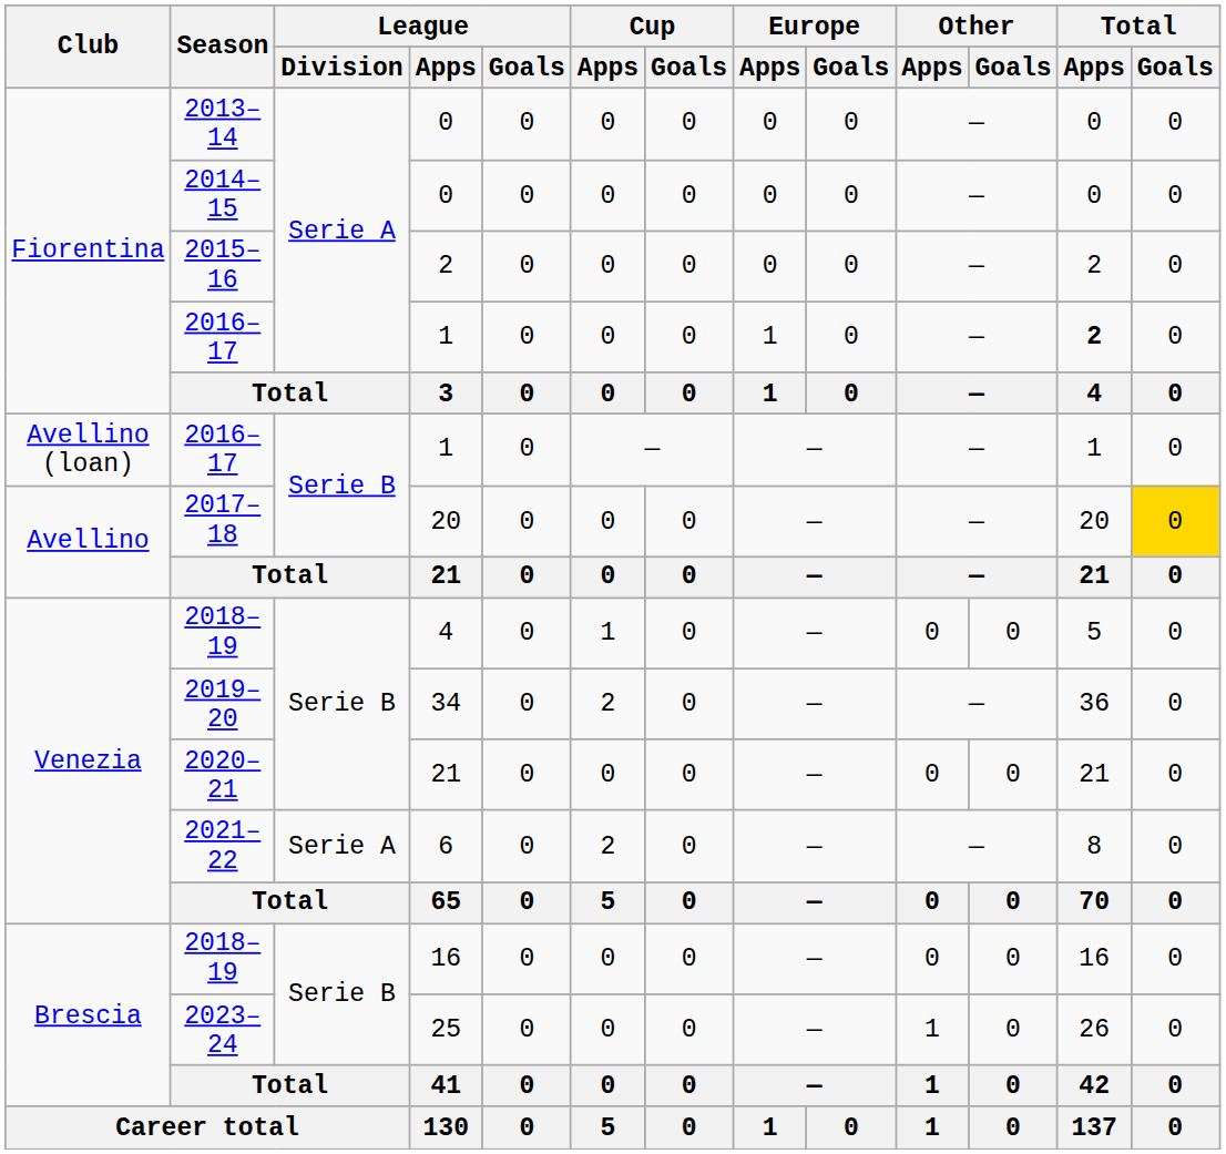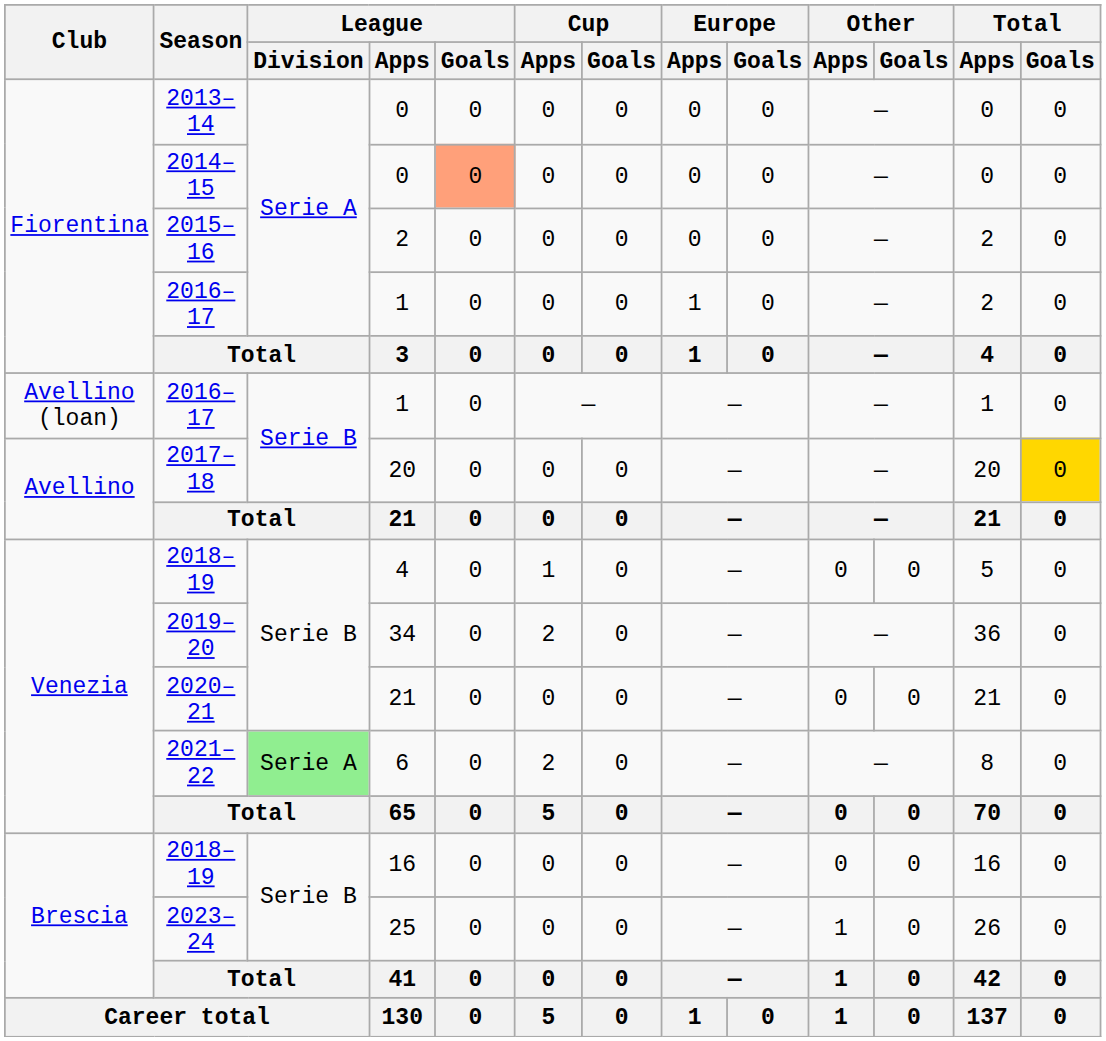 <table class="wikitable" style="text-align:center">
 <tr>
 <th rowspan="2">Club</th>
 <th rowspan="2">Season</th>
 <th colspan="3">League</th>
 <th colspan="2">Cup</th>
 <th colspan="2">Europe</th>
 <th colspan="2">Other</th>
 <th colspan="2">Total</th>
 </tr>
 <tr>
 <th>Division</th>
 <th>Apps</th>
 <th>Goals</th>
 <th>Apps</th>
 <th>Goals</th>
 <th>Apps</th>
 <th>Goals</th>
 <th>Apps</th>
 <th>Goals</th>
 <th>Apps</th>
 <th>Goals</th>
 </tr>
 <tr>
 <td rowspan="5"><a href='#'>Fiorentina</a></td>
 <td><a href='#'>2013–14</a></td>
 <td rowspan="4"><a href='#'>Serie A</a></td>
 <td>0</td>
 <td>0</td>
 <td>0</td>
 <td>0</td>
 <td>0</td>
 <td>0</td>
 <td colspan="2">—</td>
 <td>0</td>
 <td>0</td>
 </tr>
 <tr>
 <td><a href='#'>2014–15</a></td>
 <td>0</td>
-<td>0</td>
+<td style="background: lightsalmon;">0</td>
 <td>0</td>
 <td>0</td>
 <td>0</td>
 <td>0</td>
 <td colspan="2">—</td>
 <td>0</td>
 <td>0</td>
 </tr>
 <tr>
 <td><a href='#'>2015–16</a></td>
 <td>2</td>
 <td>0</td>
 <td>0</td>
 <td>0</td>
 <td>0</td>
 <td>0</td>
 <td colspan="2">—</td>
 <td>2</td>
 <td>0</td>
 </tr>
 <tr>
 <td><a href='#'>2016–17</a></td>
 <td>1</td>
 <td>0</td>
 <td>0</td>
 <td>0</td>
 <td>1</td>
 <td>0</td>
 <td colspan="2">—</td>
-<td><strong>2</strong></td>
+<td>2</td>
 <td>0</td>
 </tr>
 <tr>
 <th colspan="2">Total</th>
 <th>3</th>
 <th>0</th>
 <th>0</th>
 <th>0</th>
 <th>1</th>
 <th>0</th>
 <th colspan="2">—</th>
 <th>4</th>
 <th>0</th>
 </tr>
 <tr>
 <td><a href='#'>Avellino</a> (loan)</td>
 <td><a href='#'>2016–17</a></td>
 <td rowspan="2"><a href='#'>Serie B</a></td>
 <td>1</td>
 <td>0</td>
 <td colspan="2">—</td>
 <td colspan="2">—</td>
 <td colspan="2">—</td>
 <td>1</td>
 <td>0</td>
 </tr>
 <tr>
 <td rowspan="2"><a href='#'>Avellino</a></td>
 <td><a href='#'>2017–18</a></td>
 <td>20</td>
 <td>0</td>
 <td>0</td>
 <td>0</td>
 <td colspan="2">—</td>
 <td colspan="2">—</td>
 <td>20</td>
 <td style="background: gold;">0</td>
 </tr>
 <tr>
 <th colspan="2">Total</th>
 <th>21</th>
 <th>0</th>
 <th>0</th>
 <th>0</th>
 <th colspan="2">—</th>
 <th colspan="2">—</th>
 <th>21</th>
 <th>0</th>
 </tr>
 <tr>
 <td rowspan="5"><a href='#'>Venezia</a></td>
 <td><a href='#'>2018–19</a></td>
 <td rowspan="3">Serie B</td>
 <td>4</td>
 <td>0</td>
 <td>1</td>
 <td>0</td>
 <td colspan="2">—</td>
 <td>0</td>
 <td>0</td>
 <td>5</td>
 <td>0</td>
 </tr>
 <tr>
 <td><a href='#'>2019–20</a></td>
 <td>34</td>
 <td>0</td>
 <td>2</td>
 <td>0</td>
 <td colspan="2">—</td>
 <td colspan="2">—</td>
 <td>36</td>
 <td>0</td>
 </tr>
 <tr>
 <td><a href='#'>2020–21</a></td>
 <td>21</td>
 <td>0</td>
 <td>0</td>
 <td>0</td>
 <td colspan="2">—</td>
 <td>0</td>
 <td>0</td>
 <td>21</td>
 <td>0</td>
 </tr>
 <tr>
 <td><a href='#'>2021–22</a></td>
-<td>Serie A</td>
+<td style="background: lightgreen;">Serie A</td>
 <td>6</td>
 <td>0</td>
 <td>2</td>
 <td>0</td>
 <td colspan="2">—</td>
 <td colspan="2">—</td>
 <td>8</td>
 <td>0</td>
 </tr>
 <tr>
 <th colspan="2">Total</th>
 <th>65</th>
 <th>0</th>
 <th>5</th>
 <th>0</th>
 <th colspan="2">—</th>
 <th>0</th>
 <th>0</th>
 <th>70</th>
 <th>0</th>
 </tr>
 <tr>
 <td rowspan="3"><a href='#'>Brescia</a></td>
 <td><a href='#'>2018–19</a></td>
 <td rowspan="2">Serie B</td>
 <td>16</td>
 <td>0</td>
 <td>0</td>
 <td>0</td>
 <td colspan="2">—</td>
 <td>0</td>
 <td>0</td>
 <td>16</td>
 <td>0</td>
 </tr>
 <tr>
 <td><a href='#'>2023–24</a></td>
 <td>25</td>
 <td>0</td>
 <td>0</td>
 <td>0</td>
 <td colspan="2">—</td>
 <td>1</td>
 <td>0</td>
 <td>26</td>
 <td>0</td>
 </tr>
 <tr>
 <th colspan="2">Total</th>
 <th>41</th>
 <th>0</th>
 <th>0</th>
 <th>0</th>
 <th colspan="2">—</th>
 <th>1</th>
 <th>0</th>
 <th>42</th>
 <th>0</th>
 </tr>
 <tr>
 <th colspan="3">Career total</th>
 <th>130</th>
 <th>0</th>
 <th>5</th>
 <th>0</th>
 <th>1</th>
 <th>0</th>
 <th>1</th>
 <th>0</th>
 <th>137</th>
 <th>0</th>
 </tr>
 </table>
